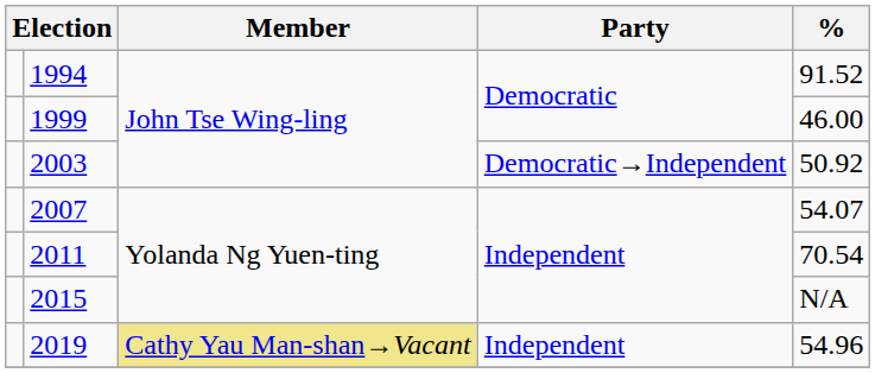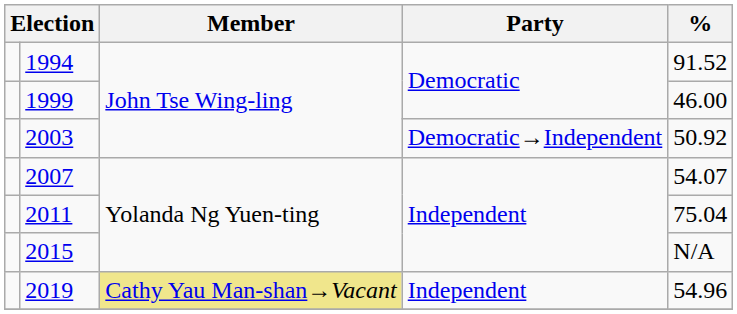 <table class="wikitable">
 <tr>
 <th colspan="2">Election</th>
 <th>Member</th>
 <th>Party</th>
 <th>%</th>
 </tr>
 <tr>
 <td style="background-color: "></td>
 <td><a href='#'>1994</a></td>
 <td rowspan=3><a href='#'>John Tse Wing-ling</a></td>
 <td rowspan=2><a href='#'>Democratic</a></td>
 <td>91.52</td>
 </tr>
 <tr>
 <td style="background-color: "></td>
 <td><a href='#'>1999</a></td>
 <td>46.00</td>
 </tr>
 <tr>
 <td style="background-color: "></td>
 <td><a href='#'>2003</a></td>
 <td><a href='#'>Democratic</a>→<a href='#'>Independent</a></td>
 <td>50.92</td>
 </tr>
 <tr>
 <td style="background-color: "></td>
 <td><a href='#'>2007</a></td>
 <td rowspan=3>Yolanda Ng Yuen-ting</td>
 <td rowspan=3><a href='#'>Independent</a></td>
 <td>54.07</td>
 </tr>
 <tr>
 <td style="background-color: "></td>
 <td><a href='#'>2011</a></td>
-<td>70.54</td>
+<td>75.04</td>
 </tr>
 <tr>
 <td style="background-color: "></td>
 <td><a href='#'>2015</a></td>
 <td>N/A</td>
 </tr>
 <tr>
 <td style="background-color: "></td>
 <td><a href='#'>2019</a></td>
 <td style="background: khaki;"><a href='#'>Cathy Yau Man-shan</a>→<em>Vacant</em></td>
 <td><a href='#'>Independent</a></td>
 <td>54.96</td>
 </tr>
 <tr>
 </tr>
 </table>
